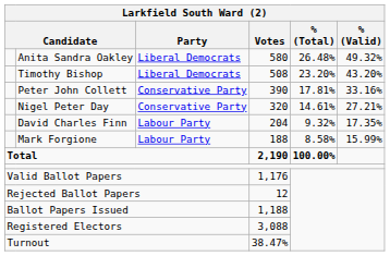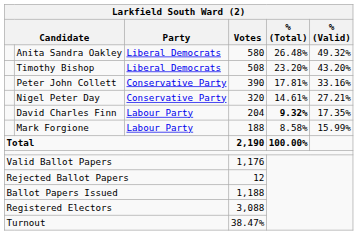 <table class="wikitable" border="1" style="text-align:right; font-size:100%">
 <tr>
 <th align=center colspan=6>Larkfield South Ward (2)</th>
 </tr>
 <tr>
 <th valign=bottom align=left colspan=2>Candidate</th>
 <th valign=bottom align=left>Party</th>
 <th valign=bottom align=center>Votes</th>
 <th align=center>%<br>(Total)</th>
 <th align=center>%<br>(Valid)</th>
 </tr>
 <tr>
 <td bgcolor=> </td>
 <td align=left>Anita Sandra Oakley</td>
 <td align=left><a href='#'>Liberal Democrats</a></td>
 <td>580</td>
 <td>26.48%</td>
 <td>49.32%</td>
 </tr>
 <tr>
 <td bgcolor=> </td>
 <td align=left>Timothy Bishop</td>
 <td align=left><a href='#'>Liberal Democrats</a></td>
 <td>508</td>
 <td>23.20%</td>
 <td>43.20%</td>
 </tr>
 <tr>
 <td bgcolor=> </td>
 <td align=left>Peter John Collett</td>
 <td align=left><a href='#'>Conservative Party</a></td>
 <td>390</td>
 <td>17.81%</td>
 <td>33.16%</td>
 </tr>
 <tr>
 <td bgcolor=> </td>
 <td align=left>Nigel Peter Day</td>
 <td align=left><a href='#'>Conservative Party</a></td>
 <td>320</td>
 <td>14.61%</td>
 <td>27.21%</td>
 </tr>
 <tr>
 <td bgcolor=> </td>
 <td align=left>David Charles Finn</td>
 <td align=left><a href='#'>Labour Party</a></td>
 <td>204</td>
-<td>9.32%</td>
+<td><strong>9.32%</strong></td>
 <td>17.35%</td>
 </tr>
 <tr>
 <td bgcolor=> </td>
 <td align=left>Mark Forgione</td>
 <td align=left><a href='#'>Labour Party</a></td>
 <td>188</td>
 <td>8.58%</td>
 <td>15.99%</td>
 </tr>
 <tr>
 <td align=left colspan=3><strong>Total</strong></td>
 <td><strong>2,190</strong></td>
 <td><strong>100.00%</strong></td>
 <td></td>
 </tr>
 <tr>
 <td align=left colspan=6></td>
 </tr>
 <tr>
 <td align=left colspan=3>Valid Ballot Papers</td>
 <td>1,176</td>
 <td colspan=2 rowspan=5></td>
 </tr>
 <tr>
 <td align=left colspan=3>Rejected Ballot Papers</td>
 <td>12</td>
 </tr>
 <tr>
 <td align=left colspan=3>Ballot Papers Issued</td>
 <td>1,188</td>
 </tr>
 <tr>
 <td align=left colspan=3>Registered Electors</td>
 <td>3,088</td>
 </tr>
 <tr>
 <td align=left colspan=3>Turnout</td>
 <td>38.47%</td>
 </tr>
 </table>
